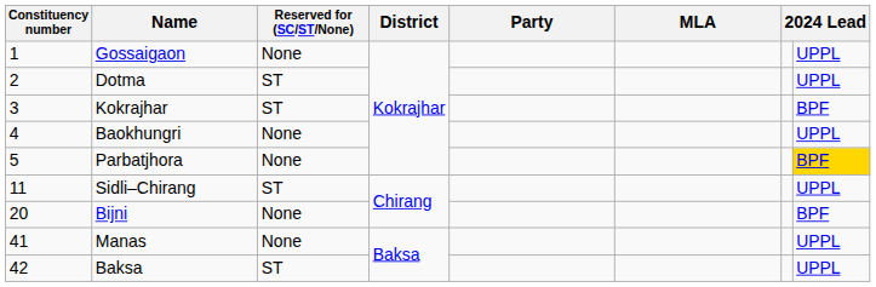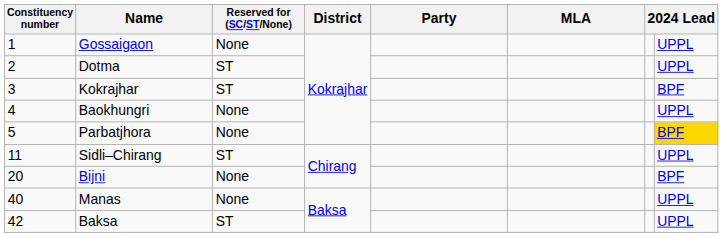 <table class="wikitable sortable">
 <tr>
 <th width="50px" style="font-size:75%">Constituency number</th>
 <th width="150px">Name</th>
 <th width="100px" style="font-size:75%">Reserved for (<a href='#'>SC</a>/<a href='#'>ST</a>/None)</th>
 <th>District</th>
 <th width="150px">Party</th>
 <th width="150px">MLA</th>
 <th colspan="2">2024 Lead</th>
 </tr>
 <tr>
 <td>1</td>
 <td><a href='#'>Gossaigaon</a></td>
 <td>None</td>
 <td rowspan="5"><a href='#'>Kokrajhar</a></td>
 <td></td>
 <td></td>
 <td style="background-color: "></td>
 <td><a href='#'>UPPL</a></td>
 </tr>
 <tr>
 <td>2</td>
 <td>Dotma</td>
 <td>ST</td>
 <td></td>
 <td></td>
 <td style="background-color: "></td>
 <td><a href='#'>UPPL</a></td>
 </tr>
 <tr>
 <td>3</td>
 <td>Kokrajhar</td>
 <td>ST</td>
 <td></td>
 <td></td>
 <td style="background-color: "></td>
 <td><a href='#'>BPF</a></td>
 </tr>
 <tr>
 <td>4</td>
 <td>Baokhungri</td>
 <td>None</td>
 <td></td>
 <td></td>
 <td style="background-color: "></td>
 <td><a href='#'>UPPL</a></td>
 </tr>
 <tr>
 <td>5</td>
 <td>Parbatjhora</td>
 <td>None</td>
 <td></td>
 <td></td>
 <td style="background-color: "></td>
 <td style="background: gold;"><a href='#'>BPF</a></td>
 </tr>
 <tr>
 <td>11</td>
 <td>Sidli–Chirang</td>
 <td>ST</td>
 <td rowspan="2"><a href='#'>Chirang</a></td>
 <td></td>
 <td></td>
 <td style="background-color: "></td>
 <td><a href='#'>UPPL</a></td>
 </tr>
 <tr>
 <td>20</td>
 <td><a href='#'>Bijni</a></td>
 <td>None</td>
 <td></td>
 <td></td>
 <td style="background-color: "></td>
 <td><a href='#'>BPF</a></td>
 </tr>
 <tr>
-<td>41</td>
+<td>40</td>
 <td>Manas</td>
 <td>None</td>
 <td rowspan="2"><a href='#'>Baksa</a></td>
 <td></td>
 <td></td>
 <td style="background-color: "></td>
 <td><a href='#'>UPPL</a></td>
 </tr>
 <tr>
 <td>42</td>
 <td>Baksa</td>
 <td>ST</td>
 <td></td>
 <td></td>
 <td style="background-color: "></td>
 <td><a href='#'>UPPL</a></td>
 </tr>
 </table>
